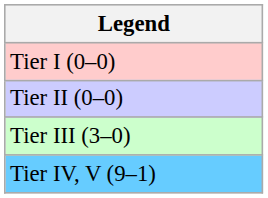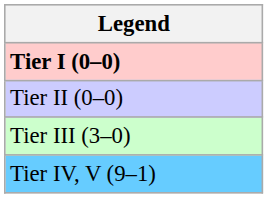 <table class="wikitable" style="font-size:90%; width:13%">
 <tr bgcolor="#eeeeee">
 <th>Legend</th>
 </tr>
 <tr style="background:#fcc;">
-<td>Tier I (0–0)</td>
+<td><strong>Tier I (0–0)</strong></td>
 </tr>
 <tr style="background:#ccf;">
 <td>Tier II (0–0)</td>
 </tr>
 <tr style="background:#cfc;">
 <td>Tier III (3–0)</td>
 </tr>
 <tr style="background:#6cf;">
 <td>Tier IV, V (9–1)</td>
 </tr>
 </table>
